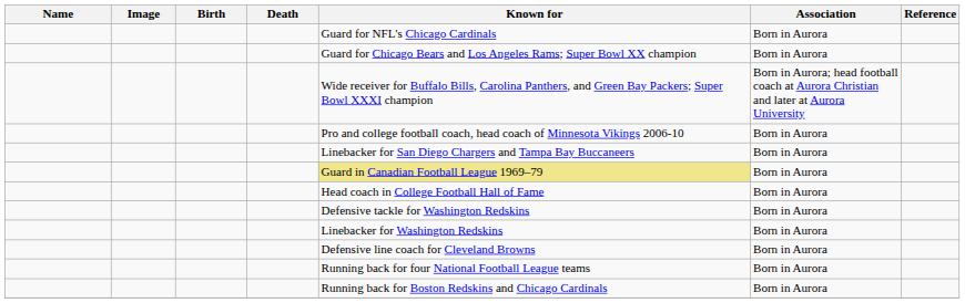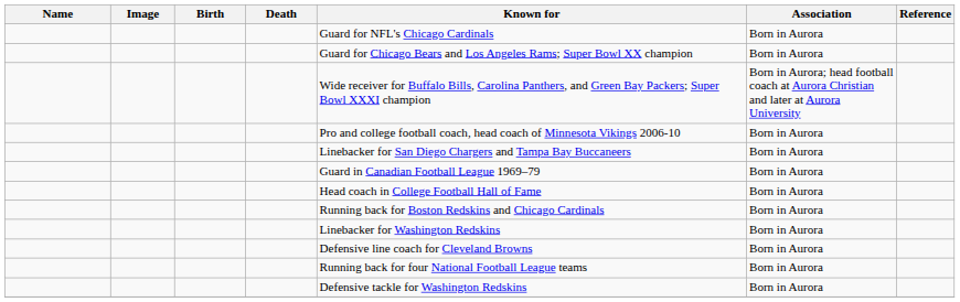 <table class="wikitable sortable">
 <tr>
 <th scope="col" width="140">Name</th>
 <th scope="col" width="80" class="unsortable">Image</th>
 <th scope="col" width="90">Birth</th>
 <th scope="col" width="90">Death</th>
 <th scope="col" width="600" class="unsortable">Known for</th>
 <th scope="col" width="200" class="unsortable">Association</th>
 <th scope="col" width="30" class="unsortable">Reference</th>
 </tr>
 <tr>
 <td></td>
 <td></td>
 <td align=right></td>
 <td align=right></td>
 <td>Guard for NFL's <a href='#'>Chicago Cardinals</a></td>
 <td>Born in Aurora</td>
 <td align="center"></td>
 </tr>
 <tr>
 <td></td>
 <td></td>
 <td align=right></td>
 <td align=right></td>
 <td>Guard for <a href='#'>Chicago Bears</a> and <a href='#'>Los Angeles Rams</a>; <a href='#'>Super Bowl XX</a> champion</td>
 <td>Born in Aurora</td>
 <td align="center"></td>
 </tr>
 <tr>
 <td></td>
 <td></td>
 <td align=right></td>
 <td align=right></td>
 <td>Wide receiver for <a href='#'>Buffalo Bills</a>, <a href='#'>Carolina Panthers</a>, and <a href='#'>Green Bay Packers</a>; <a href='#'>Super Bowl XXXI</a> champion</td>
 <td>Born in Aurora; head football coach at <a href='#'>Aurora Christian</a> and later at <a href='#'>Aurora University</a></td>
 <td align="center"></td>
 </tr>
 <tr>
 <td></td>
 <td></td>
 <td align=right></td>
 <td align=right></td>
 <td>Pro and college football coach, head coach of <a href='#'>Minnesota Vikings</a> 2006-10</td>
 <td>Born in Aurora</td>
 <td align="center"></td>
 </tr>
 <tr>
 <td></td>
 <td></td>
 <td align=right></td>
 <td align=right></td>
 <td>Linebacker for <a href='#'>San Diego Chargers</a> and <a href='#'>Tampa Bay Buccaneers</a></td>
 <td>Born in Aurora</td>
 <td align="center"></td>
 </tr>
 <tr>
 <td></td>
 <td></td>
 <td align==right></td>
 <td align=right></td>
-<td style="background: khaki;">Guard in <a href='#'>Canadian Football League</a> 1969–79</td>
+<td>Guard in <a href='#'>Canadian Football League</a> 1969–79</td>
 <td>Born in Aurora</td>
 <td align="center"></td>
 </tr>
 <tr>
 <td></td>
 <td></td>
 <td align=right></td>
 <td align=right></td>
 <td>Head coach in <a href='#'>College Football Hall of Fame</a></td>
 <td>Born in Aurora</td>
 <td align="center"></td>
 </tr>
 <tr>
 <td></td>
 <td></td>
 <td align=right></td>
 <td align=right></td>
-<td>Defensive tackle for <a href='#'>Washington Redskins</a></td>
+<td>Running back for <a href='#'>Boston Redskins</a> and <a href='#'>Chicago Cardinals</a></td>
 <td>Born in Aurora</td>
 <td align="center"></td>
 </tr>
 <tr>
 <td></td>
 <td></td>
 <td align=right></td>
 <td align=right></td>
 <td>Linebacker for <a href='#'>Washington Redskins</a></td>
 <td>Born in Aurora</td>
 <td align="center"></td>
 </tr>
 <tr>
 <td></td>
 <td></td>
 <td align=right></td>
 <td align=right></td>
 <td>Defensive line coach for <a href='#'>Cleveland Browns</a></td>
 <td>Born in Aurora</td>
 <td align="center"></td>
 </tr>
 <tr>
 <td></td>
 <td></td>
 <td align=right></td>
 <td align=right></td>
 <td>Running back for four <a href='#'>National Football League</a> teams</td>
 <td>Born in Aurora</td>
 <td align="center"></td>
 </tr>
 <tr>
 <td></td>
 <td></td>
 <td align=right></td>
 <td align=right></td>
-<td>Running back for <a href='#'>Boston Redskins</a> and <a href='#'>Chicago Cardinals</a></td>
+<td>Defensive tackle for <a href='#'>Washington Redskins</a></td>
 <td>Born in Aurora</td>
 <td align="center"></td>
 </tr>
 <tr>
 </tr>
 </table>
